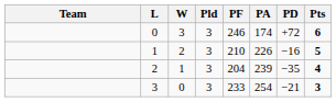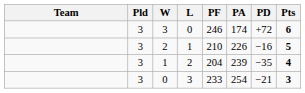 <table class=wikitable style="text-align:center">
 <tr>
 <th width=180>Team</th>
+<th width=30>Pld</th>
+<th width=30>W</th>
 <th width=30>L</th>
-<th width=30>W</th>
-<th width=30>Pld</th>
 <th width=30>PF</th>
 <th width=30>PA</th>
 <th width=30>PD</th>
 <th width=30>Pts</th>
 </tr>
 <tr align=center>
 <td align=left></td>
-<td>0</td>
 <td>3</td>
 <td>3</td>
+<td>0</td>
 <td>246</td>
 <td>174</td>
 <td>+72</td>
 <td><strong>6</strong></td>
 </tr>
 <tr align=center>
 <td align=left></td>
+<td>3</td>
+<td>2</td>
 <td>1</td>
-<td>2</td>
-<td>3</td>
 <td>210</td>
 <td>226</td>
 <td>−16</td>
 <td><strong>5</strong></td>
 </tr>
 <tr align=center>
 <td align=left></td>
+<td>3</td>
+<td>1</td>
 <td>2</td>
-<td>1</td>
-<td>3</td>
 <td>204</td>
 <td>239</td>
 <td>−35</td>
 <td><strong>4</strong></td>
 </tr>
 <tr align=center>
 <td align=left></td>
 <td>3</td>
 <td>0</td>
 <td>3</td>
 <td>233</td>
 <td>254</td>
 <td>−21</td>
 <td><strong>3</strong></td>
 </tr>
 </table>
